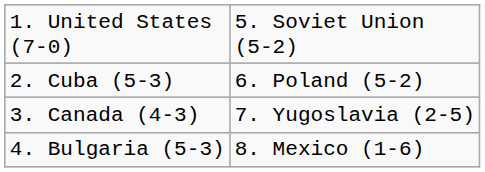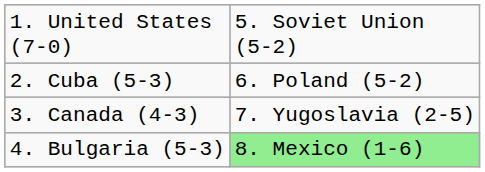 <table class="wikitable">
 <tr>
 <td>1. United States<br>(7-0)</td>
 <td>5. Soviet Union<br>(5-2)</td>
 </tr>
 <tr>
 <td>2. Cuba (5-3)</td>
 <td>6. Poland (5-2)</td>
 </tr>
 <tr>
 <td>3. Canada (4-3)</td>
 <td>7. Yugoslavia (2-5)</td>
 </tr>
 <tr>
 <td>4. Bulgaria (5-3)</td>
-<td>8. Mexico (1-6)</td>
+<td style="background: lightgreen;">8. Mexico (1-6)</td>
 </tr>
 </table>
